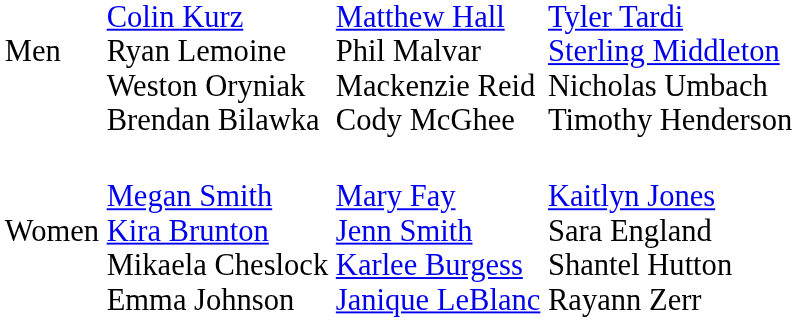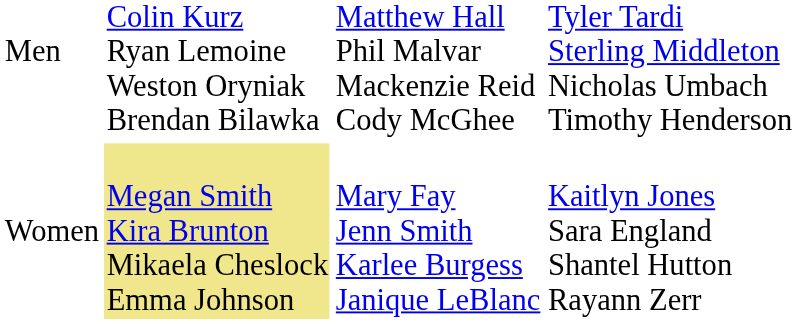 <table>
 <tr>
 <td>Men</td>
 <td><br><a href='#'>Colin Kurz</a><br>Ryan Lemoine<br>Weston Oryniak<br>Brendan Bilawka</td>
 <td><br><a href='#'>Matthew Hall</a><br>Phil Malvar<br>Mackenzie Reid<br>Cody McGhee</td>
 <td><br><a href='#'>Tyler Tardi</a><br><a href='#'>Sterling Middleton</a><br>Nicholas Umbach<br>Timothy Henderson</td>
 </tr>
 <tr>
 <td>Women</td>
-<td><br><a href='#'>Megan Smith</a><br><a href='#'>Kira Brunton</a><br>Mikaela Cheslock<br>Emma Johnson</td>
+<td style="background: khaki;"><br><a href='#'>Megan Smith</a><br><a href='#'>Kira Brunton</a><br>Mikaela Cheslock<br>Emma Johnson</td>
 <td><br><a href='#'>Mary Fay</a><br><a href='#'>Jenn Smith</a><br><a href='#'>Karlee Burgess</a><br><a href='#'>Janique LeBlanc</a></td>
 <td><br><a href='#'>Kaitlyn Jones</a><br>Sara England<br>Shantel Hutton<br>Rayann Zerr</td>
 </tr>
 </table>
